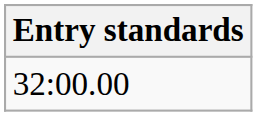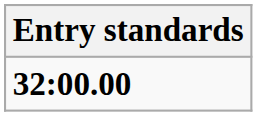 <table class="wikitable" border="1" align="upright">
 <tr>
 <th>Entry standards</th>
 </tr>
 <tr>
-<td>32:00.00</td>
+<td><strong>32:00.00</strong></td>
 </tr>
 </table>
